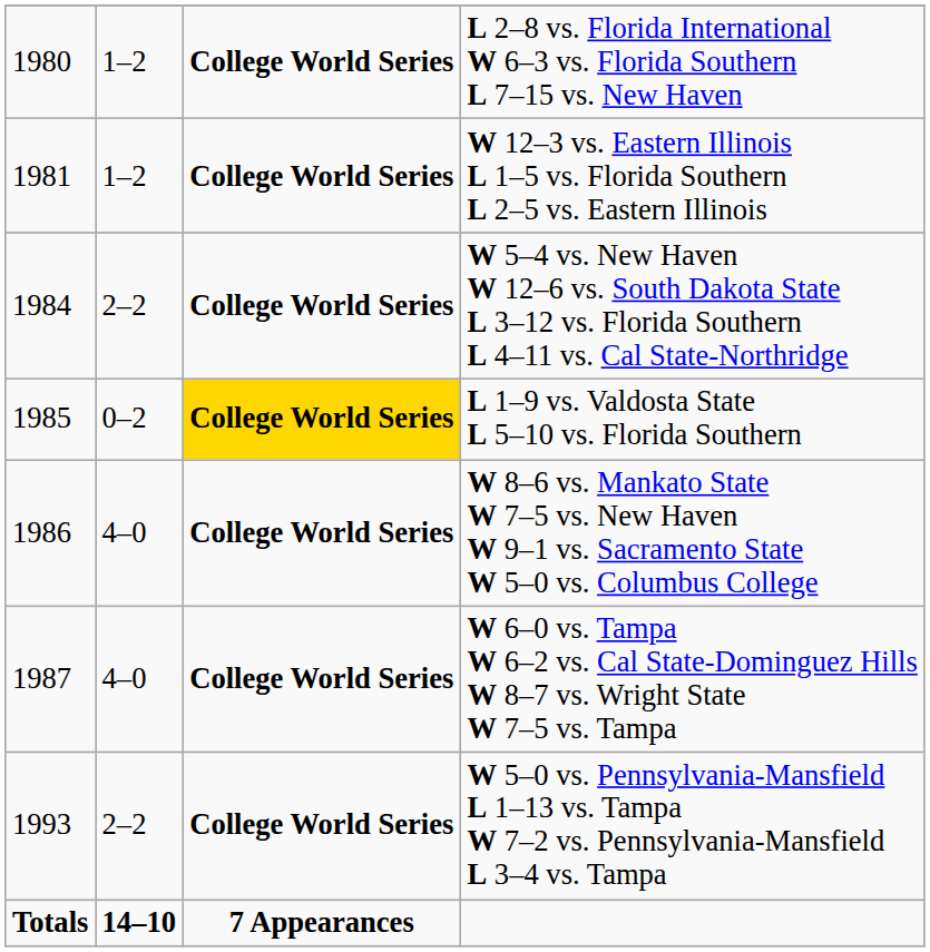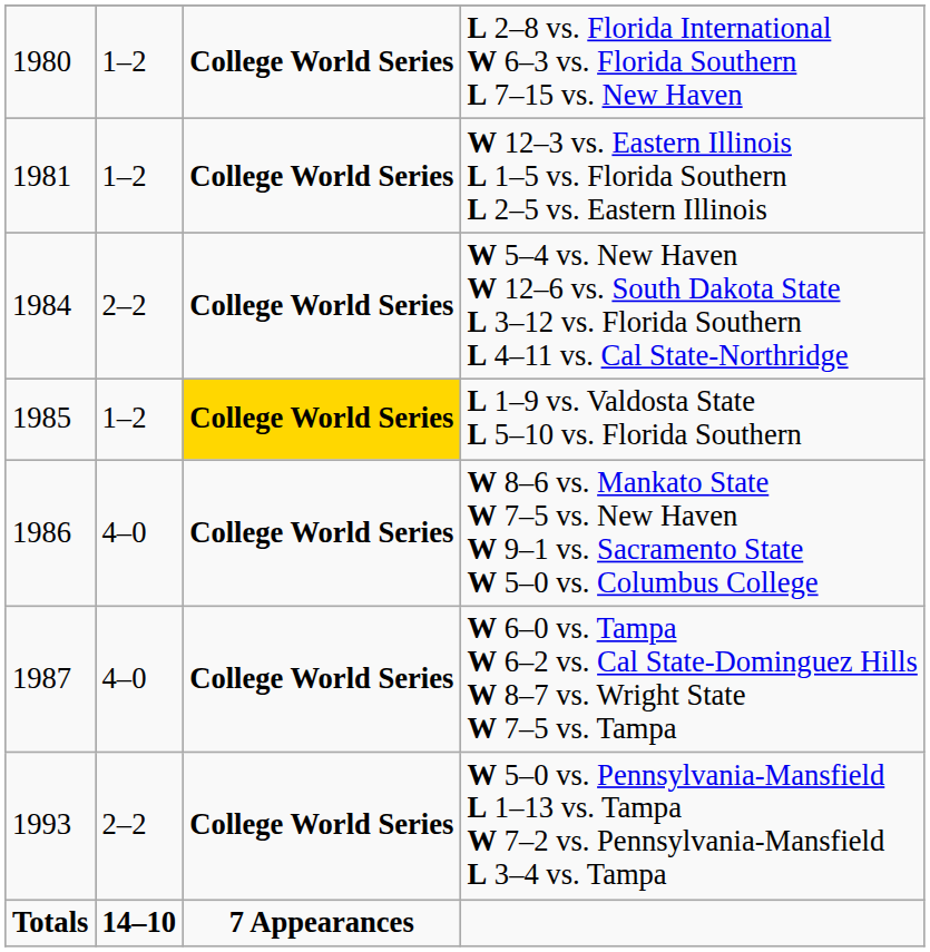 <table class="wikitable" style="text-align:center;">
 <tr>
 </tr>
 <tr style="text-align:left;">
 <td>1980</td>
 <td>1–2</td>
 <td><strong>College World Series</strong></td>
 <td><strong>L</strong> 2–8 vs. <a href='#'>Florida International</a><br><strong>W</strong> 6–3 vs. <a href='#'>Florida Southern</a><br><strong>L</strong> 7–15 vs. <a href='#'>New Haven</a></td>
 </tr>
 <tr style="text-align:left;">
 <td>1981</td>
 <td>1–2</td>
 <td><strong>College World Series</strong></td>
 <td><strong>W</strong> 12–3 vs. <a href='#'>Eastern Illinois</a><br><strong>L</strong> 1–5 vs. Florida Southern<br><strong>L</strong> 2–5 vs. Eastern Illinois</td>
 </tr>
 <tr style="text-align:left;">
 <td>1984</td>
 <td>2–2</td>
 <td><strong>College World Series</strong></td>
 <td><strong>W</strong> 5–4 vs. New Haven<br><strong>W</strong> 12–6 vs. <a href='#'>South Dakota State</a><br><strong>L</strong> 3–12 vs. Florida Southern<br><strong>L</strong> 4–11 vs. <a href='#'>Cal State-Northridge</a></td>
 </tr>
 <tr style="text-align:left;">
 <td>1985</td>
-<td>0–2</td>
+<td>1–2</td>
 <td style="background: gold;"><strong>College World Series</strong></td>
 <td><strong>L</strong> 1–9 vs. Valdosta State<br><strong>L</strong> 5–10 vs. Florida Southern</td>
 </tr>
 <tr style="text-align:left;">
 <td>1986</td>
 <td>4–0</td>
 <td><strong>College World Series</strong></td>
 <td><strong>W</strong> 8–6 vs. <a href='#'>Mankato State</a><br><strong>W</strong> 7–5 vs. New Haven<br><strong>W</strong> 9–1 vs. <a href='#'>Sacramento State</a><br><strong>W</strong> 5–0 vs. <a href='#'>Columbus College</a></td>
 </tr>
 <tr style="text-align:left;">
 <td>1987</td>
 <td>4–0</td>
 <td><strong>College World Series</strong></td>
 <td><strong>W</strong> 6–0 vs. <a href='#'>Tampa</a><br><strong>W</strong> 6–2 vs. <a href='#'>Cal State-Dominguez Hills</a><br><strong>W</strong> 8–7 vs. Wright State<br><strong>W</strong> 7–5 vs. Tampa</td>
 </tr>
 <tr style="text-align:left;">
 <td>1993</td>
 <td>2–2</td>
 <td><strong>College World Series</strong></td>
 <td><strong>W</strong> 5–0 vs. <a href='#'>Pennsylvania-Mansfield</a><br><strong>L</strong> 1–13 vs. Tampa<br><strong>W</strong> 7–2 vs. Pennsylvania-Mansfield<br><strong>L</strong> 3–4 vs. Tampa</td>
 </tr>
 <tr class="unsortable" style="text-align:center; ">
 <td><strong>Totals</strong></td>
 <td><strong>14–10</strong></td>
 <td><strong>7 Appearances</strong></td>
 <td></td>
 </tr>
 </table>
